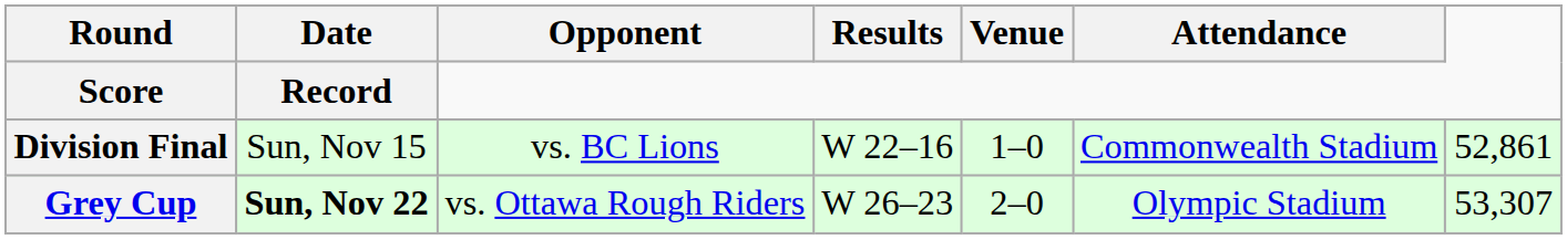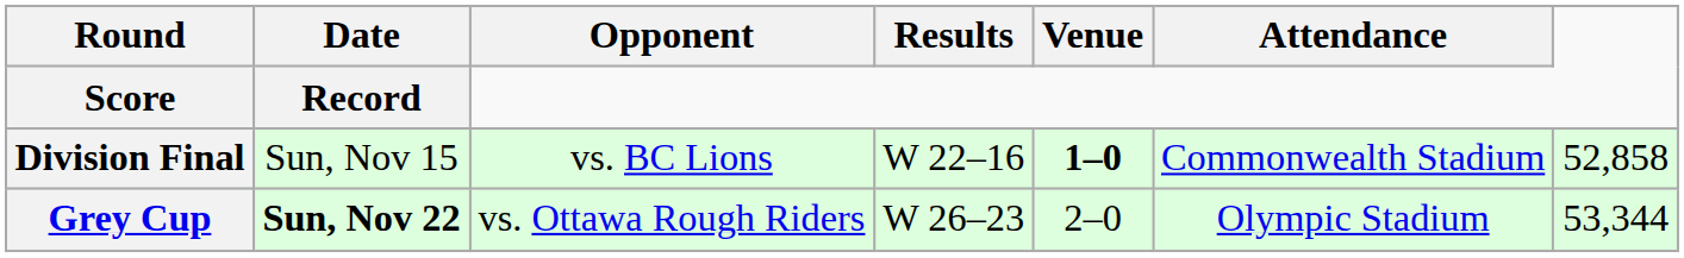 <table class="wikitable" style="text-align:center">
 <tr>
 <th>Round</th>
 <th>Date</th>
 <th>Opponent</th>
 <th>Results</th>
 <th>Venue</th>
 <th>Attendance</th>
 </tr>
 <tr>
 <th>Score</th>
 <th>Record</th>
 </tr>
 <tr style="background:#ddffdd">
 <th>Division Final</th>
 <td>Sun, Nov 15</td>
 <td>vs. <a href='#'>BC Lions</a></td>
 <td>W 22–16</td>
-<td>1–0</td>
+<td><strong>1–0</strong></td>
 <td><a href='#'>Commonwealth Stadium</a></td>
-<td>52,861</td>
+<td>52,858</td>
 </tr>
 <tr style="background:#ddffdd">
 <th><a href='#'>Grey Cup</a></th>
 <td><strong>Sun, Nov 22</strong></td>
 <td>vs. <a href='#'>Ottawa Rough Riders</a></td>
 <td>W 26–23</td>
 <td>2–0</td>
 <td><a href='#'>Olympic Stadium</a></td>
-<td>53,307</td>
+<td>53,344</td>
 </tr>
 </table>
